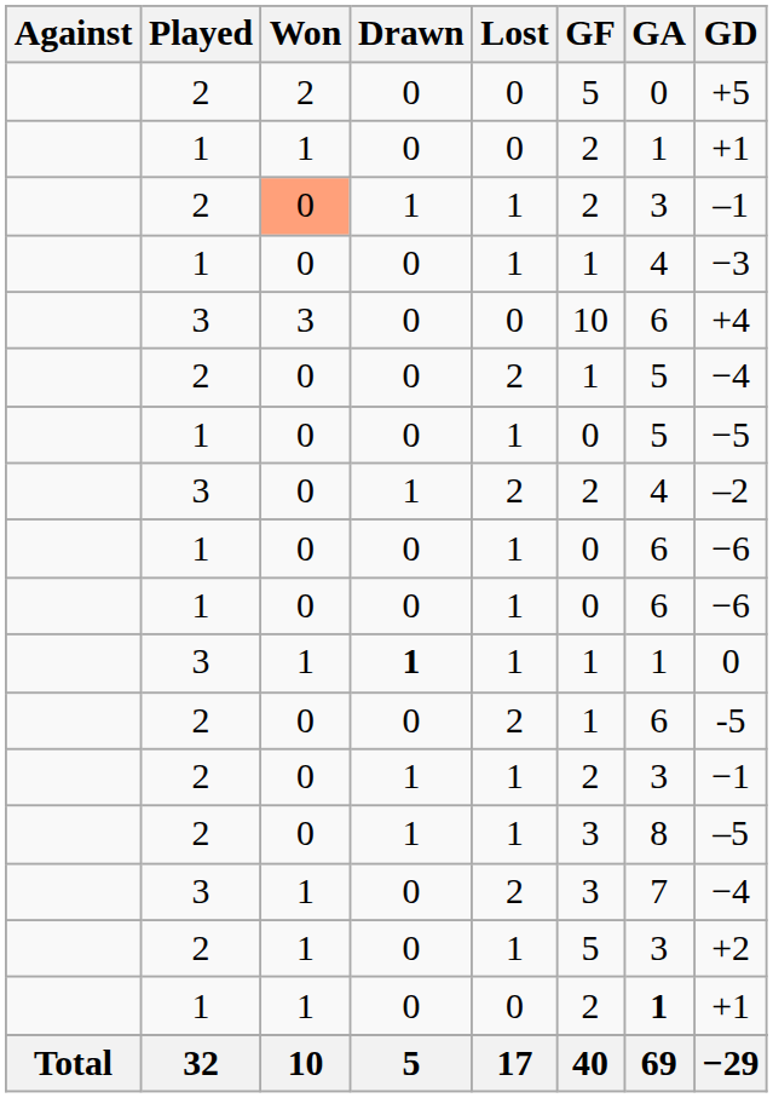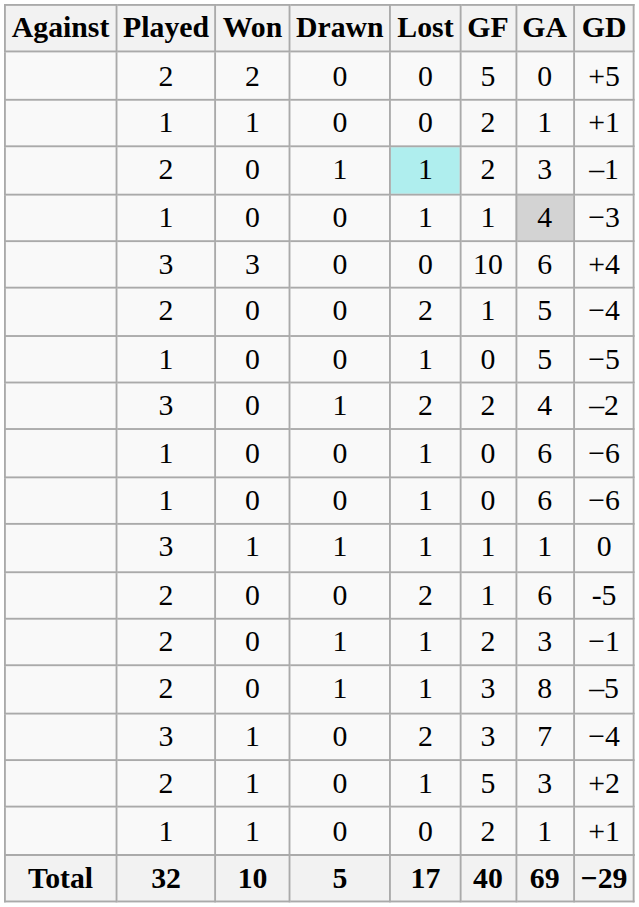 <table class="sortable wikitable" style="text-align: center;">
 <tr>
 <th>Against</th>
 <th>Played</th>
 <th>Won</th>
 <th>Drawn</th>
 <th>Lost</th>
 <th>GF</th>
 <th>GA</th>
 <th>GD</th>
 </tr>
 <tr>
 <td align=left></td>
 <td>2</td>
 <td>2</td>
 <td>0</td>
 <td>0</td>
 <td>5</td>
 <td>0</td>
 <td>+5</td>
 </tr>
 <tr>
 <td align=left></td>
 <td>1</td>
 <td>1</td>
 <td>0</td>
 <td>0</td>
 <td>2</td>
 <td>1</td>
 <td>+1</td>
 </tr>
 <tr>
 <td align=left></td>
 <td>2</td>
-<td style="background: lightsalmon;">0</td>
+<td>0</td>
 <td>1</td>
-<td>1</td>
+<td style="background: paleturquoise;">1</td>
 <td>2</td>
 <td>3</td>
 <td>–1</td>
 </tr>
 <tr>
 <td align=left></td>
 <td>1</td>
 <td>0</td>
 <td>0</td>
 <td>1</td>
 <td>1</td>
-<td>4</td>
+<td style="background: lightgrey;">4</td>
 <td>−3</td>
 </tr>
 <tr>
 <td align=left></td>
 <td>3</td>
 <td>3</td>
 <td>0</td>
 <td>0</td>
 <td>10</td>
 <td>6</td>
 <td>+4</td>
 </tr>
 <tr>
 <td align=left></td>
 <td>2</td>
 <td>0</td>
 <td>0</td>
 <td>2</td>
 <td>1</td>
 <td>5</td>
 <td>−4</td>
 </tr>
 <tr>
 <td align=left></td>
 <td>1</td>
 <td>0</td>
 <td>0</td>
 <td>1</td>
 <td>0</td>
 <td>5</td>
 <td>−5</td>
 </tr>
 <tr>
 <td align=left></td>
 <td>3</td>
 <td>0</td>
 <td>1</td>
 <td>2</td>
 <td>2</td>
 <td>4</td>
 <td>–2</td>
 </tr>
 <tr>
 <td align=left></td>
 <td>1</td>
 <td>0</td>
 <td>0</td>
 <td>1</td>
 <td>0</td>
 <td>6</td>
 <td>−6</td>
 </tr>
 <tr>
 <td align=left></td>
 <td>1</td>
 <td>0</td>
 <td>0</td>
 <td>1</td>
 <td>0</td>
 <td>6</td>
 <td>−6</td>
 </tr>
 <tr>
 <td align=left></td>
 <td>3</td>
 <td>1</td>
-<td><strong>1</strong></td>
+<td>1</td>
 <td>1</td>
 <td>1</td>
 <td>1</td>
 <td>0</td>
 </tr>
 <tr>
 <td align=left></td>
 <td>2</td>
 <td>0</td>
 <td>0</td>
 <td>2</td>
 <td>1</td>
 <td>6</td>
 <td>-5</td>
 </tr>
 <tr>
 <td align=left></td>
 <td>2</td>
 <td>0</td>
 <td>1</td>
 <td>1</td>
 <td>2</td>
 <td>3</td>
 <td>−1</td>
 </tr>
 <tr>
 <td align=left></td>
 <td>2</td>
 <td>0</td>
 <td>1</td>
 <td>1</td>
 <td>3</td>
 <td>8</td>
 <td>–5</td>
 </tr>
 <tr>
 <td align=left></td>
 <td>3</td>
 <td>1</td>
 <td>0</td>
 <td>2</td>
 <td>3</td>
 <td>7</td>
 <td>−4</td>
 </tr>
 <tr>
 <td align=left></td>
 <td>2</td>
 <td>1</td>
 <td>0</td>
 <td>1</td>
 <td>5</td>
 <td>3</td>
 <td>+2</td>
 </tr>
 <tr>
 <td align=left></td>
 <td>1</td>
 <td>1</td>
 <td>0</td>
 <td>0</td>
 <td>2</td>
-<td><strong>1</strong></td>
+<td>1</td>
 <td>+1</td>
 </tr>
 <tr>
 </tr>
 <tr class="sortbottom">
 <th>Total</th>
 <th>32</th>
 <th>10</th>
 <th>5</th>
 <th>17</th>
 <th>40</th>
 <th>69</th>
 <th>−29</th>
 </tr>
 </table>
